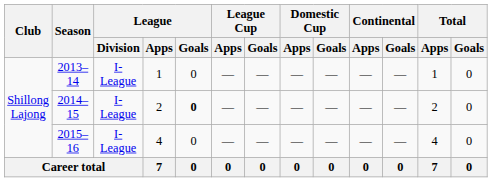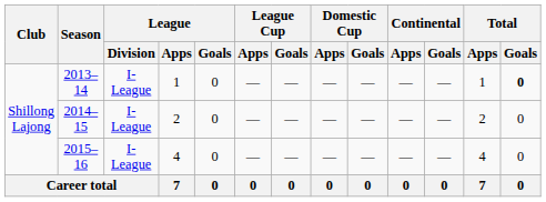 <table class="wikitable" style="text-align: center;">
 <tr>
 <th rowspan="2">Club</th>
 <th rowspan="2">Season</th>
 <th colspan="3">League</th>
 <th colspan="2">League Cup</th>
 <th colspan="2">Domestic Cup</th>
 <th colspan="2">Continental</th>
 <th colspan="2">Total</th>
 </tr>
 <tr>
 <th>Division</th>
 <th>Apps</th>
 <th>Goals</th>
 <th>Apps</th>
 <th>Goals</th>
 <th>Apps</th>
 <th>Goals</th>
 <th>Apps</th>
 <th>Goals</th>
 <th>Apps</th>
 <th>Goals</th>
 </tr>
 <tr>
 <td rowspan="3"><a href='#'>Shillong Lajong</a></td>
 <td><a href='#'>2013–14</a></td>
 <td><a href='#'>I-League</a></td>
 <td>1</td>
 <td>0</td>
 <td>—</td>
 <td>—</td>
 <td>—</td>
 <td>—</td>
 <td>—</td>
 <td>—</td>
 <td>1</td>
-<td>0</td>
+<td><strong>0</strong></td>
 </tr>
 <tr>
 <td><a href='#'>2014–15</a></td>
 <td><a href='#'>I-League</a></td>
 <td>2</td>
-<td><strong>0</strong></td>
+<td>0</td>
 <td>—</td>
 <td>—</td>
 <td>—</td>
 <td>—</td>
 <td>—</td>
 <td>—</td>
 <td>2</td>
 <td>0</td>
 </tr>
 <tr>
 <td><a href='#'>2015–16</a></td>
 <td><a href='#'>I-League</a></td>
 <td>4</td>
 <td>0</td>
 <td>—</td>
 <td>—</td>
 <td>—</td>
 <td>—</td>
 <td>—</td>
 <td>—</td>
 <td>4</td>
 <td>0</td>
 </tr>
 <tr>
 <th colspan="3">Career total</th>
 <th>7</th>
 <th>0</th>
 <th>0</th>
 <th>0</th>
 <th>0</th>
 <th>0</th>
 <th>0</th>
 <th>0</th>
 <th>7</th>
 <th>0</th>
 </tr>
 </table>
